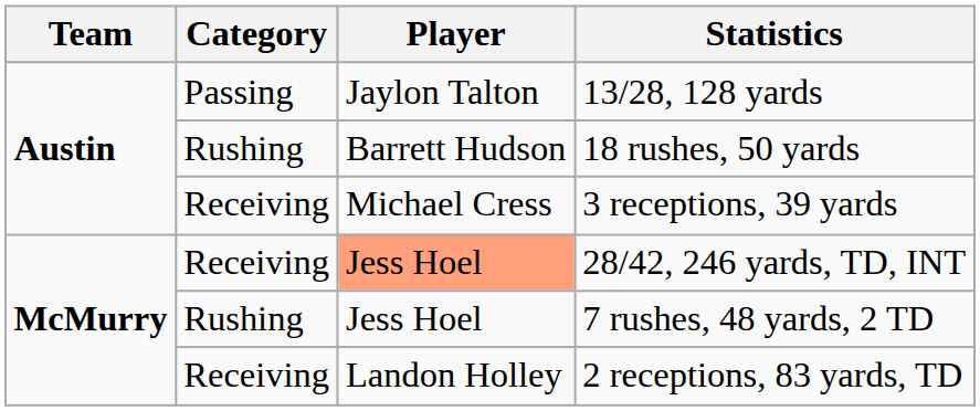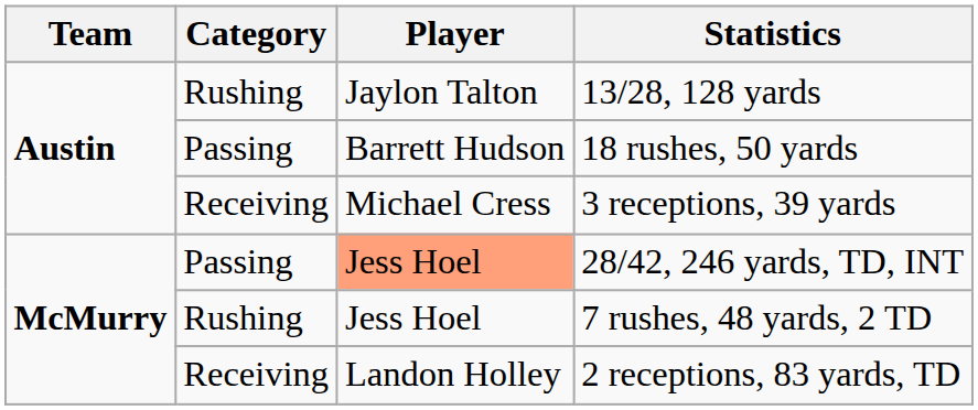 <table class="wikitable" style="float: left;">
 <tr>
 <th>Team</th>
 <th>Category</th>
 <th>Player</th>
 <th>Statistics</th>
 </tr>
 <tr>
 <td rowspan=3><strong>Austin</strong></td>
-<td>Passing</td>
+<td>Rushing</td>
 <td>Jaylon Talton</td>
 <td>13/28, 128 yards</td>
 </tr>
 <tr>
-<td>Rushing</td>
+<td>Passing</td>
 <td>Barrett Hudson</td>
 <td>18 rushes, 50 yards</td>
 </tr>
 <tr>
 <td>Receiving</td>
 <td>Michael Cress</td>
 <td>3 receptions, 39 yards</td>
 </tr>
 <tr>
 <td rowspan=3><strong>McMurry</strong></td>
-<td>Receiving</td>
+<td>Passing</td>
 <td style="background: lightsalmon;">Jess Hoel</td>
 <td>28/42, 246 yards, TD, INT</td>
 </tr>
 <tr>
 <td>Rushing</td>
 <td>Jess Hoel</td>
 <td>7 rushes, 48 yards, 2 TD</td>
 </tr>
 <tr>
 <td>Receiving</td>
 <td>Landon Holley</td>
 <td>2 receptions, 83 yards, TD</td>
 </tr>
 </table>
